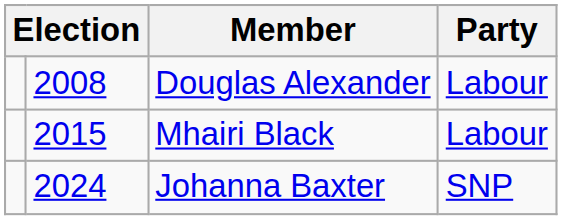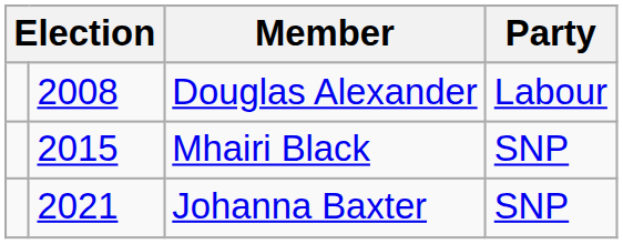 <table class="wikitable">
 <tr>
 <th colspan="2">Election</th>
 <th>Member</th>
 <th>Party</th>
 </tr>
 <tr>
 <td style="color:inherit;background-color: "></td>
 <td><a href='#'>2008</a></td>
 <td><a href='#'>Douglas Alexander</a></td>
 <td><a href='#'>Labour</a></td>
 </tr>
 <tr>
 <td style="color:inherit;background-color: "></td>
 <td><a href='#'>2015</a></td>
 <td><a href='#'>Mhairi Black</a></td>
-<td><a href='#'>Labour</a></td>
+<td><a href='#'>SNP</a></td>
 </tr>
 <tr>
 <td style="color:inherit;background-color: "></td>
-<td><a href='#'>2024</a></td>
+<td><a href='#'>2021</a></td>
 <td><a href='#'>Johanna Baxter</a></td>
 <td><a href='#'>SNP</a></td>
 </tr>
 </table>
